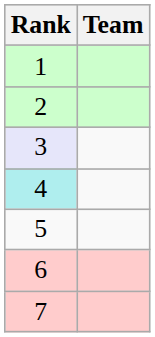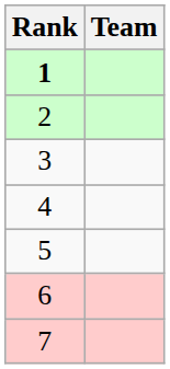 <table class=wikitable style="text-align: center;">
 <tr>
 <th>Rank</th>
 <th>Team</th>
 </tr>
 <tr style="background: #CCFFCC;">
-<td>1</td>
+<td><strong>1</strong></td>
 <td style="text-align: left;"><strong></strong></td>
 </tr>
 <tr style="background: #CCFFCC;">
 <td>2</td>
 <td style="text-align: left;"><strong></strong></td>
 </tr>
 <tr>
-<td style="background: lavender;">3</td>
+<td>3</td>
 <td style="text-align: left;"></td>
 </tr>
 <tr>
-<td style="background: paleturquoise;">4</td>
+<td>4</td>
 <td style="text-align: left;"></td>
 </tr>
 <tr>
 <td>5</td>
 <td style="text-align: left;"></td>
 </tr>
 <tr style="background: #FFCCCC;">
 <td>6</td>
 <td style="text-align: left;"></td>
 </tr>
 <tr style="background: #FFCCCC;">
 <td>7</td>
 <td style="text-align: left;"></td>
 </tr>
 </table>
